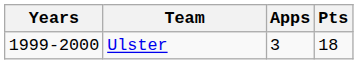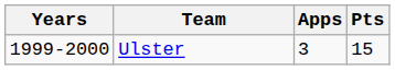 <table class="wikitable" style="text-align:left;">
 <tr>
 <th>Years</th>
 <th width=120px>Team</th>
 <th>Apps</th>
 <th>Pts</th>
 </tr>
 <tr>
 <td>1999-2000</td>
 <td><a href='#'>Ulster</a></td>
 <td>3</td>
-<td>18</td>
+<td>15</td>
 </tr>
 </table>
